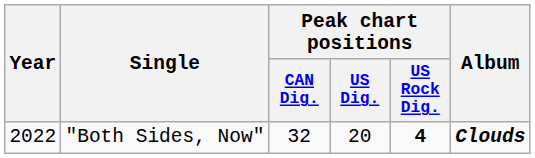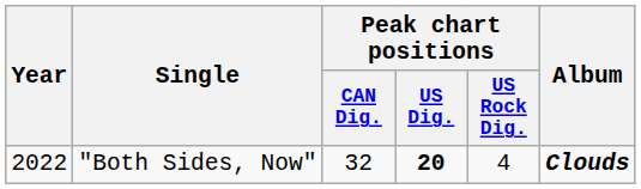 <table class=wikitable style=text-align:center;>
 <tr>
 <th rowspan=2>Year</th>
 <th rowspan=2>Single</th>
 <th colspan=3>Peak chart positions</th>
 <th rowspan=2>Album</th>
 </tr>
 <tr style=font-size:smaller;>
 <th width=35><a href='#'>CAN<br>Dig.</a><br></th>
 <th width=35><a href='#'>US<br>Dig.</a><br></th>
 <th width=35><a href='#'>US<br>Rock<br>Dig.</a><br></th>
 </tr>
 <tr>
 <td>2022</td>
 <td align=left>"Both Sides, Now"</td>
 <td>32</td>
-<td>20</td>
-<td><strong>4</strong></td>
+<td><strong>20</strong></td>
+<td>4</td>
 <td><strong><em>Clouds</em></strong></td>
 </tr>
 </table>
